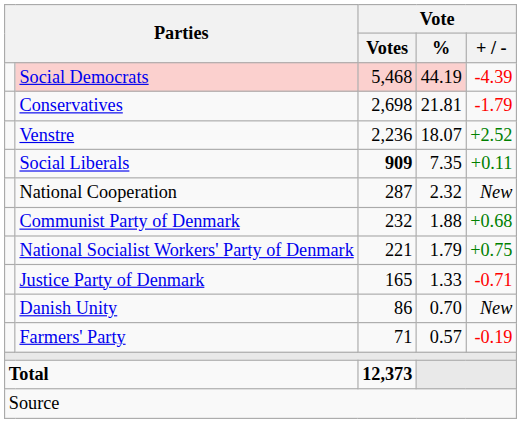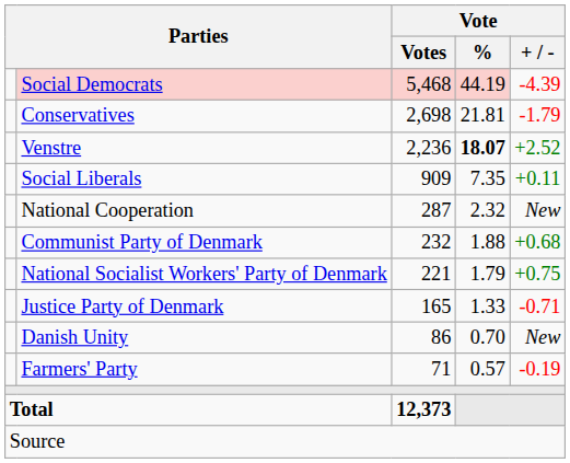 <table class="wikitable" style="text-align:right;">
 <tr>
 <th style="text-align:centre;" rowspan="2" colspan="2" width="225">Parties</th>
 <th colspan="3">Vote</th>
 </tr>
 <tr>
 <th width="15">Votes</th>
 <th width="15">%</th>
 <th width="15">+ / -</th>
 </tr>
 <tr>
 <td width="2" style="color:inherit;background:"></td>
 <td bgcolor=#fbd0ce  align="left"><a href='#'>Social Democrats</a></td>
 <td bgcolor=#fbd0ce>5,468</td>
 <td bgcolor=#fbd0ce>44.19</td>
 <td style=color:red;>-4.39</td>
 </tr>
 <tr>
 <td width="2" style="color:inherit;background:"></td>
 <td align="left"><a href='#'>Conservatives</a></td>
 <td>2,698</td>
 <td>21.81</td>
 <td style=color:red;>-1.79</td>
 </tr>
 <tr>
 <td width="2" style="color:inherit;background:"></td>
 <td align="left"><a href='#'>Venstre</a></td>
 <td>2,236</td>
-<td>18.07</td>
+<td><strong>18.07</strong></td>
 <td style=color:green;>+2.52</td>
 </tr>
 <tr>
 <td width="2" style="color:inherit;background:"></td>
 <td align="left"><a href='#'>Social Liberals</a></td>
-<td><strong>909</strong></td>
+<td>909</td>
 <td>7.35</td>
 <td style=color:green;>+0.11</td>
 </tr>
 <tr>
 <td width="2" style="color:inherit;background:"></td>
 <td align="left">National Cooperation</td>
 <td>287</td>
 <td>2.32</td>
 <td><em>New</em></td>
 </tr>
 <tr>
 <td width="2" style="color:inherit;background:"></td>
 <td align="left"><a href='#'>Communist Party of Denmark</a></td>
 <td>232</td>
 <td>1.88</td>
 <td style=color:green;>+0.68</td>
 </tr>
 <tr>
 <td width="2" style="color:inherit;background:"></td>
 <td align="left"><a href='#'>National Socialist Workers' Party of Denmark</a></td>
 <td>221</td>
 <td>1.79</td>
 <td style=color:green;>+0.75</td>
 </tr>
 <tr>
 <td width="2" style="color:inherit;background:"></td>
 <td align="left"><a href='#'>Justice Party of Denmark</a></td>
 <td>165</td>
 <td>1.33</td>
 <td style=color:red;>-0.71</td>
 </tr>
 <tr>
 <td width="2" style="color:inherit;background:"></td>
 <td align="left"><a href='#'>Danish Unity</a></td>
 <td>86</td>
 <td>0.70</td>
 <td><em>New</em></td>
 </tr>
 <tr>
 <td width="2" style="color:inherit;background:"></td>
 <td align="left"><a href='#'>Farmers' Party</a></td>
 <td>71</td>
 <td>0.57</td>
 <td style=color:red;>-0.19</td>
 </tr>
 <tr>
 <td colspan="7" bgcolor="#E9E9E9"></td>
 </tr>
 <tr>
 <td align="left" colspan="2"><strong>Total</strong></td>
 <td><strong>12,373</strong></td>
 <td bgcolor="#E9E9E9" colspan="2"></td>
 </tr>
 <tr>
 <td align="left" colspan="6">Source</td>
 </tr>
 </table>
